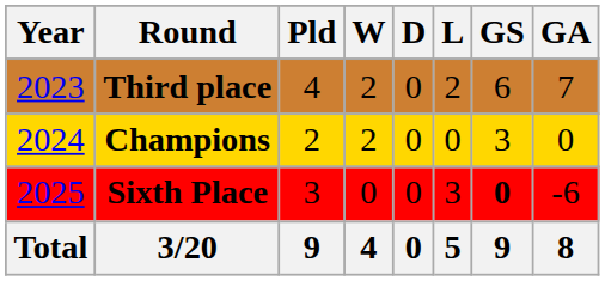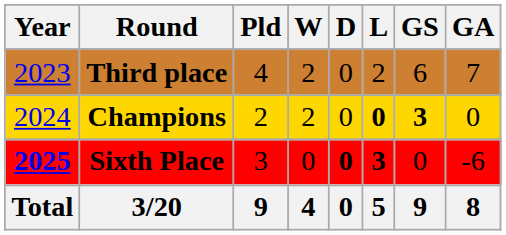 <table class="wikitable" style="text-align: center">
 <tr>
 <th>Year</th>
 <th>Round</th>
 <th>Pld</th>
 <th>W</th>
 <th>D</th>
 <th>L</th>
 <th>GS</th>
 <th>GA</th>
 </tr>
 <tr>
 </tr>
 <tr style="background:#CD7F32">
 <td> <a href='#'>2023</a></td>
 <td><strong>Third place</strong></td>
 <td>4</td>
 <td>2</td>
 <td>0</td>
 <td>2</td>
 <td>6</td>
 <td>7</td>
 </tr>
 <tr>
 </tr>
 <tr style="background:gold">
 <td> <a href='#'>2024</a></td>
 <td><strong>Champions</strong></td>
 <td>2</td>
 <td>2</td>
 <td>0</td>
-<td>0</td>
-<td>3</td>
+<td><strong>0</strong></td>
+<td><strong>3</strong></td>
 <td>0</td>
 </tr>
 <tr>
 </tr>
 <tr style="background:red">
-<td> <a href='#'>2025</a></td>
+<td><strong> <a href='#'>2025</a></strong></td>
 <td><strong>Sixth Place</strong></td>
 <td>3</td>
 <td>0</td>
+<td><strong>0</strong></td>
+<td><strong>3</strong></td>
 <td>0</td>
-<td>3</td>
-<td><strong>0</strong></td>
 <td>-6</td>
 </tr>
 <tr>
 <th><strong>Total</strong></th>
 <th>3/20</th>
 <th>9</th>
 <th>4</th>
 <th>0</th>
 <th>5</th>
 <th>9</th>
 <th>8</th>
 </tr>
 </table>
